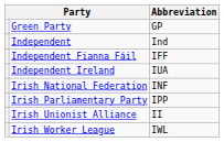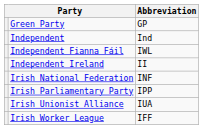 <table class="wikitable">
 <tr>
 <th colspan=2>Party</th>
 <th>Abbreviation</th>
 </tr>
 <tr>
 <th style="background-color: "></th>
 <td><a href='#'>Green Party</a></td>
 <td>GP</td>
 </tr>
 <tr>
 <th style="background-color: "></th>
 <td><a href='#'>Independent</a></td>
 <td>Ind</td>
 </tr>
 <tr>
 <th style="background-color: "></th>
 <td><a href='#'>Independent Fianna Fáil</a></td>
-<td>IFF</td>
+<td>IWL</td>
 </tr>
 <tr>
 <th style="background-color: "></th>
 <td><a href='#'>Independent Ireland</a></td>
-<td>IUA</td>
+<td>II</td>
 </tr>
 <tr>
 <th style="background-color: "></th>
 <td><a href='#'>Irish National Federation</a></td>
 <td>INF</td>
 </tr>
 <tr>
 <th style="background-color: "></th>
 <td><a href='#'>Irish Parliamentary Party</a></td>
 <td>IPP</td>
 </tr>
 <tr>
 <th style="background-color: "></th>
 <td><a href='#'>Irish Unionist Alliance</a></td>
-<td>II</td>
+<td>IUA</td>
 </tr>
 <tr>
 <th style="background-color: "></th>
 <td><a href='#'>Irish Worker League</a></td>
-<td>IWL</td>
+<td>IFF</td>
 </tr>
 </table>
